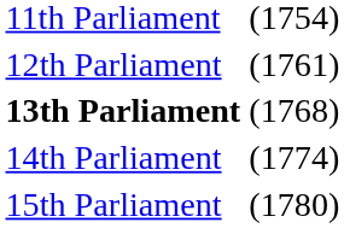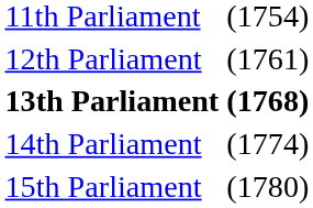 <table id=toc style="float:right">
 <tr>
 <td><a href='#'>11th Parliament</a></td>
 <td>(1754)</td>
 </tr>
 <tr>
 <td><a href='#'>12th Parliament</a></td>
 <td>(1761)</td>
 </tr>
 <tr>
 <td><strong>13th Parliament</strong></td>
-<td>(1768)</td>
+<td><strong>(1768)</strong></td>
 </tr>
 <tr>
 <td><a href='#'>14th Parliament</a></td>
 <td>(1774)</td>
 </tr>
 <tr>
 <td><a href='#'>15th Parliament</a></td>
 <td>(1780)</td>
 </tr>
 </table>
